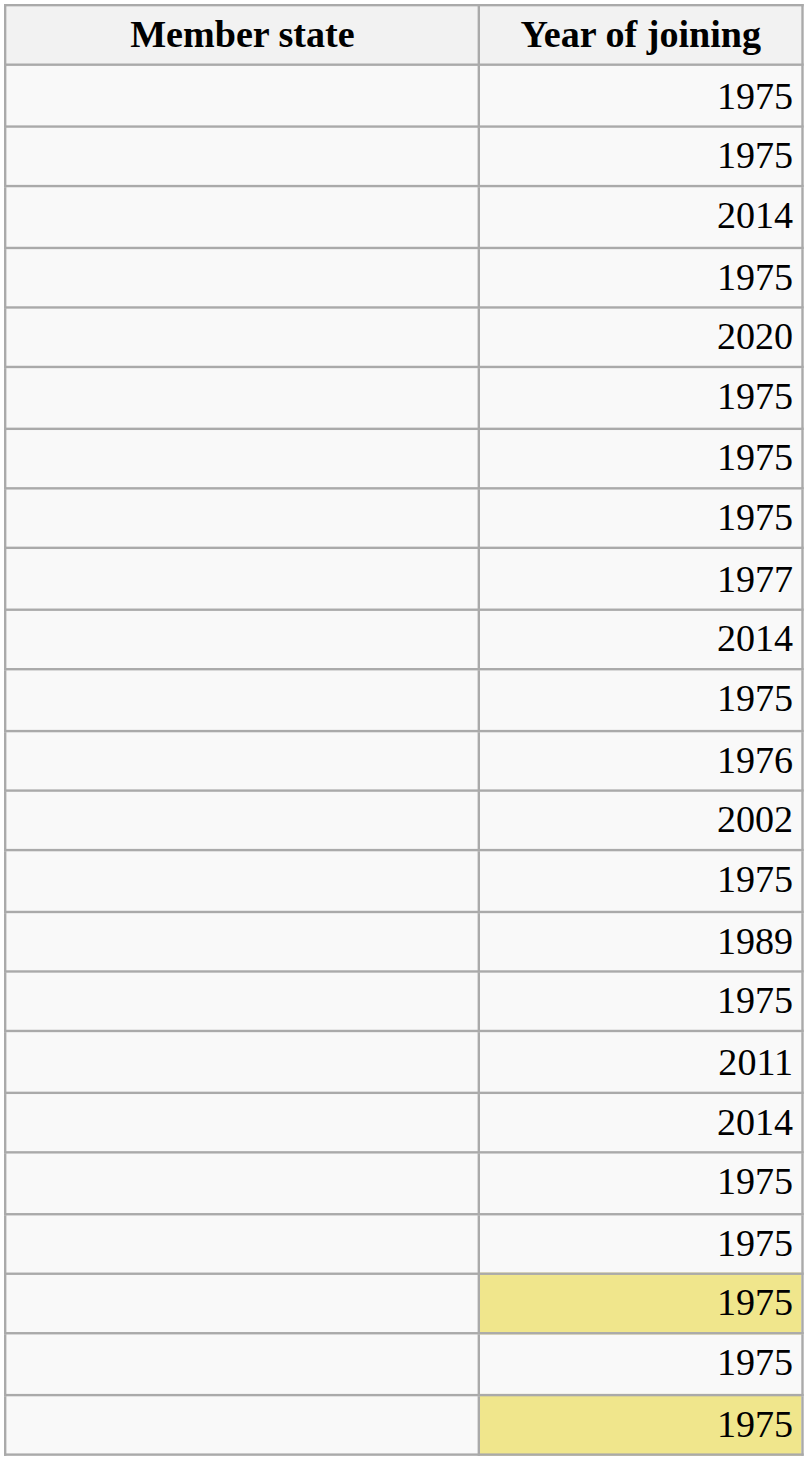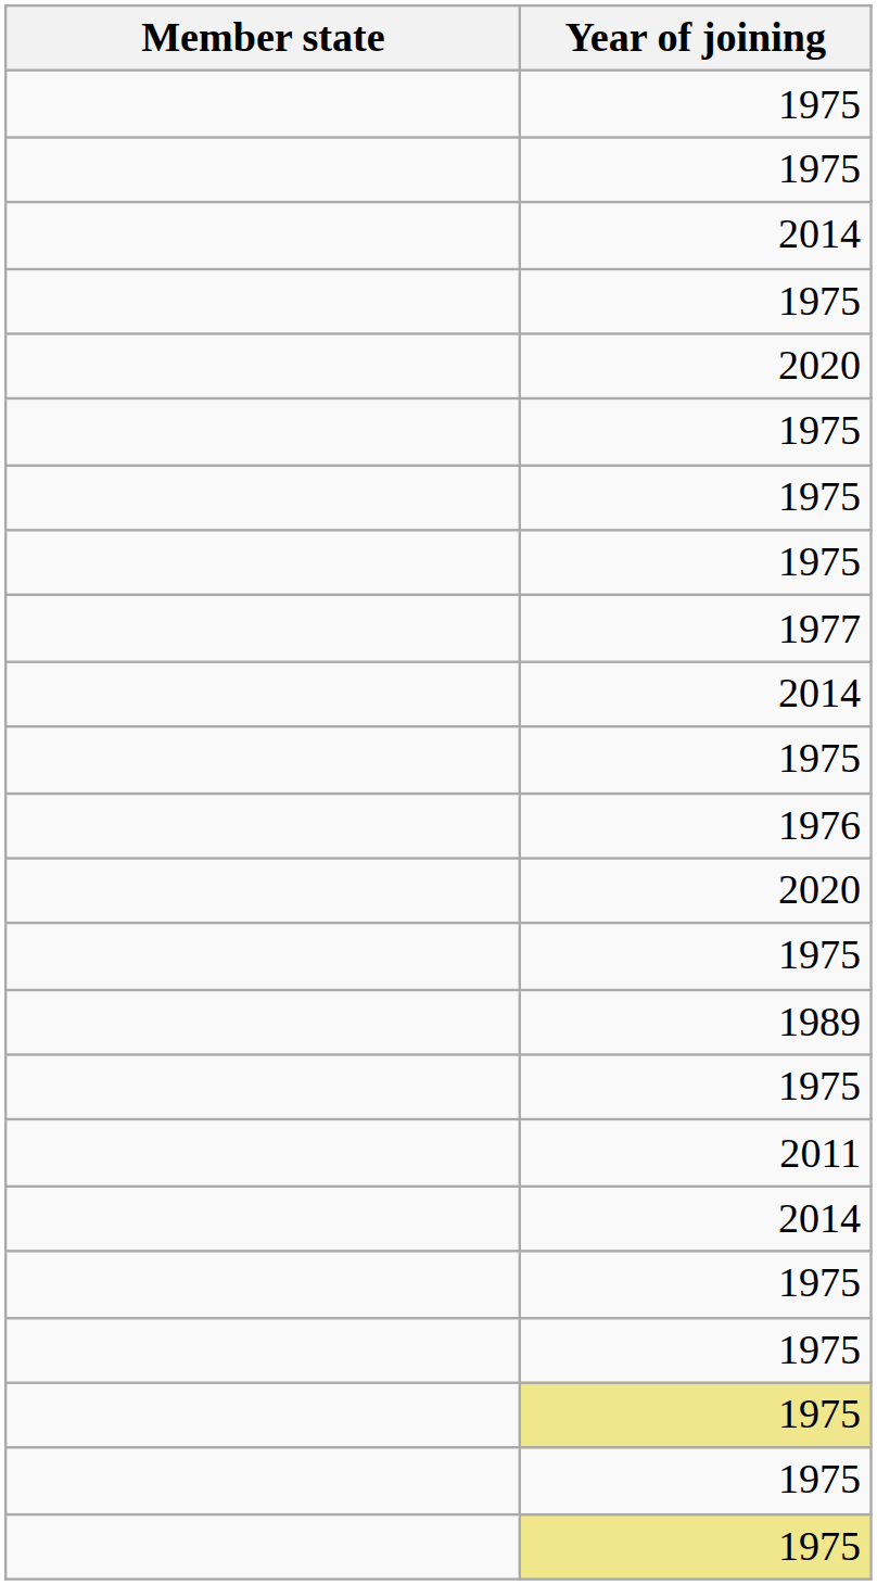 <table class="sortable wikitable mw-collapsible mw-collapsed">
 <tr>
 <th style="width:12em;">Member state</th>
 <th style="width:8em;">Year of joining</th>
 </tr>
 <tr>
 <td></td>
 <td align="right">1975</td>
 </tr>
 <tr>
 <td></td>
 <td align="right">1975</td>
 </tr>
 <tr>
 <td></td>
 <td align="right">2014</td>
 </tr>
 <tr>
 <td></td>
 <td align="right">1975</td>
 </tr>
 <tr>
 <td></td>
 <td align="right">2020</td>
 </tr>
 <tr>
 <td></td>
 <td align="right">1975</td>
 </tr>
 <tr>
 <td></td>
 <td align="right">1975</td>
 </tr>
 <tr>
 <td></td>
 <td align="right">1975</td>
 </tr>
 <tr>
 <td></td>
 <td align="right">1977</td>
 </tr>
 <tr>
 <td></td>
 <td align="right">2014</td>
 </tr>
 <tr>
 <td></td>
 <td align="right">1975</td>
 </tr>
 <tr>
 <td></td>
 <td align="right">1976</td>
 </tr>
 <tr>
 <td></td>
-<td align="right">2002</td>
+<td align="right">2020</td>
 </tr>
 <tr>
 <td></td>
 <td align="right">1975</td>
 </tr>
 <tr>
 <td></td>
 <td align="right">1989</td>
 </tr>
 <tr>
 <td></td>
 <td align="right">1975</td>
 </tr>
 <tr>
 <td></td>
 <td align="right">2011</td>
 </tr>
 <tr>
 <td></td>
 <td align="right">2014</td>
 </tr>
 <tr>
 <td></td>
 <td align="right">1975</td>
 </tr>
 <tr>
 <td></td>
 <td align="right">1975</td>
 </tr>
 <tr>
 <td></td>
 <td align="right" style="background: khaki;">1975</td>
 </tr>
 <tr>
 <td></td>
 <td align="right">1975</td>
 </tr>
 <tr>
 <td></td>
 <td align="right" style="background: khaki;">1975</td>
 </tr>
 </table>
